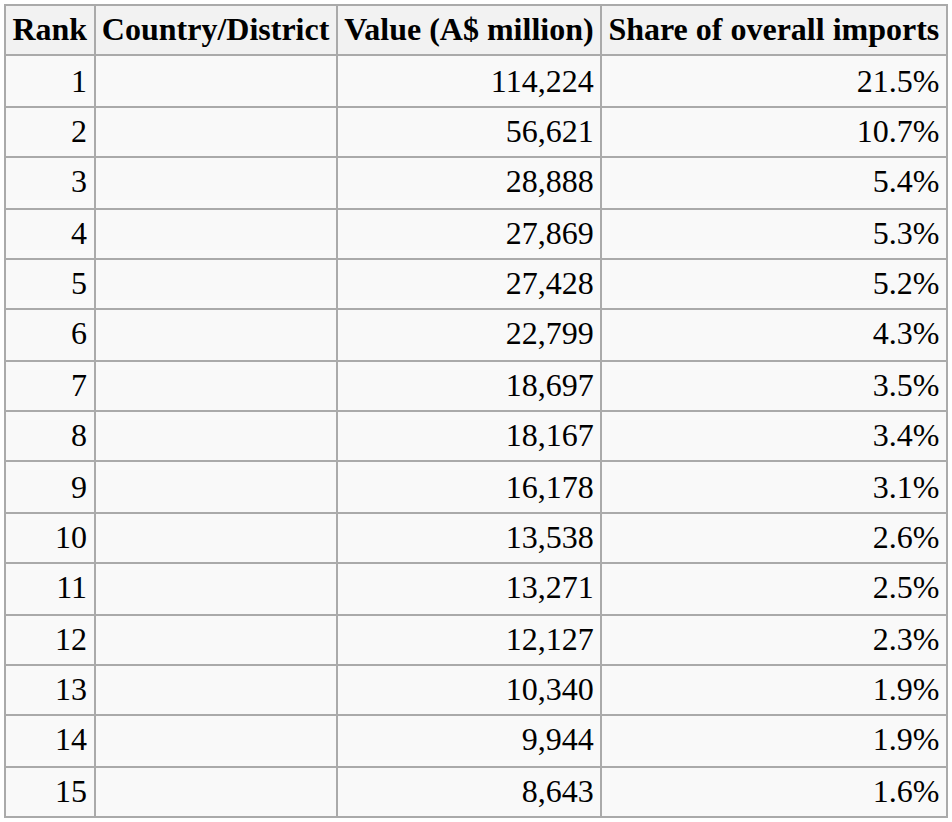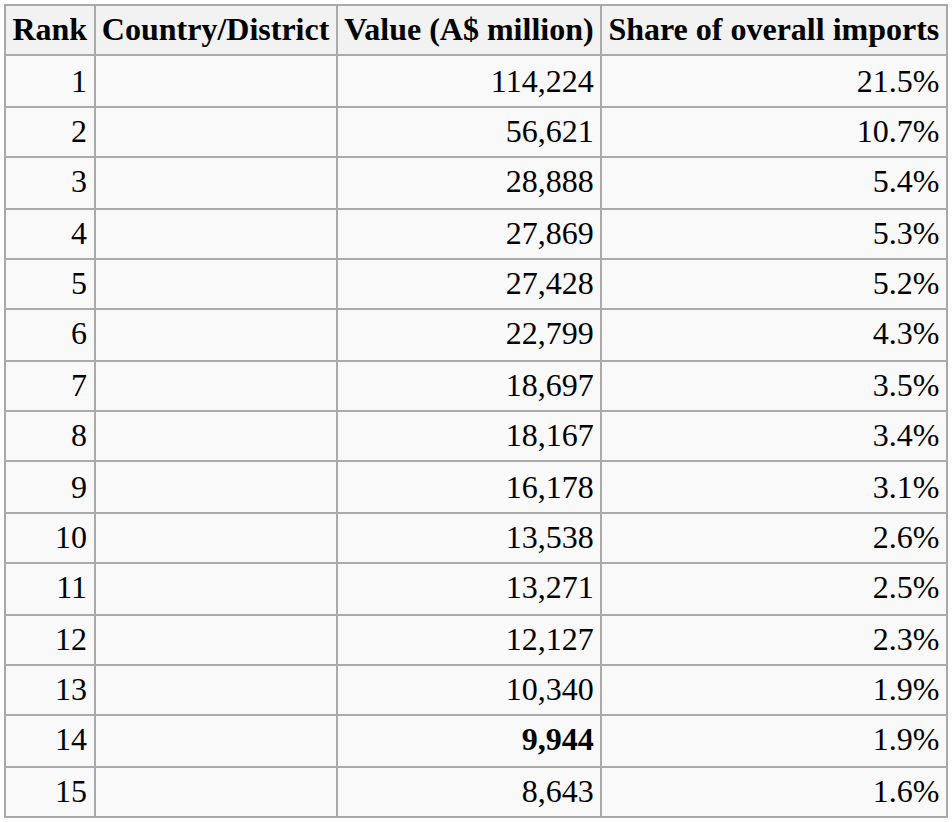 <table class="wikitable sortable" style="text-align:right;">
 <tr>
 <th>Rank</th>
 <th>Country/District</th>
 <th>Value (A$ million)</th>
 <th>Share of overall imports</th>
 </tr>
 <tr>
 <td>1</td>
 <td align=left><strong></strong></td>
 <td>114,224</td>
 <td>21.5%</td>
 </tr>
 <tr>
 <td>2</td>
 <td align=left><strong></strong></td>
 <td>56,621</td>
 <td>10.7%</td>
 </tr>
 <tr>
 <td>3</td>
 <td align="left"><strong></strong></td>
 <td>28,888</td>
 <td>5.4%</td>
 </tr>
 <tr>
 <td>4</td>
 <td align=left><strong></strong></td>
 <td>27,869</td>
 <td>5.3%</td>
 </tr>
 <tr>
 <td>5</td>
 <td align=left><strong></strong></td>
 <td>27,428</td>
 <td>5.2%</td>
 </tr>
 <tr>
 <td>6</td>
 <td align=left><strong></strong></td>
 <td>22,799</td>
 <td>4.3%</td>
 </tr>
 <tr>
 <td>7</td>
 <td align=left><strong></strong></td>
 <td>18,697</td>
 <td>3.5%</td>
 </tr>
 <tr>
 <td>8</td>
 <td align=left><strong></strong></td>
 <td>18,167</td>
 <td>3.4%</td>
 </tr>
 <tr>
 <td>9</td>
 <td align="left"><strong></strong></td>
 <td>16,178</td>
 <td>3.1%</td>
 </tr>
 <tr>
 <td>10</td>
 <td align=left><strong></strong></td>
 <td>13,538</td>
 <td>2.6%</td>
 </tr>
 <tr>
 <td>11</td>
 <td align="left"><strong></strong></td>
 <td>13,271</td>
 <td>2.5%</td>
 </tr>
 <tr>
 <td>12</td>
 <td align=left><strong></strong></td>
 <td>12,127</td>
 <td>2.3%</td>
 </tr>
 <tr>
 <td>13</td>
 <td align=left><strong></strong></td>
 <td>10,340</td>
 <td>1.9%</td>
 </tr>
 <tr>
 <td>14</td>
 <td align=left><strong></strong></td>
-<td>9,944</td>
+<td><strong>9,944</strong></td>
 <td>1.9%</td>
 </tr>
 <tr>
 <td>15</td>
 <td align=left><strong></strong></td>
 <td>8,643</td>
 <td>1.6%</td>
 </tr>
 <tr>
 </tr>
 </table>
